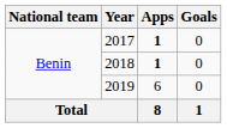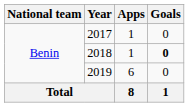 <table class="wikitable" style="text-align:center">
 <tr>
 <th>National team</th>
 <th>Year</th>
 <th>Apps</th>
 <th>Goals</th>
 </tr>
 <tr>
 <td rowspan="3"><a href='#'>Benin</a></td>
 <td>2017</td>
-<td><strong>1</strong></td>
+<td>1</td>
 <td>0</td>
 </tr>
 <tr>
 <td>2018</td>
-<td><strong>1</strong></td>
-<td>0</td>
+<td>1</td>
+<td><strong>0</strong></td>
 </tr>
 <tr>
 <td>2019</td>
 <td>6</td>
 <td>0</td>
 </tr>
 <tr>
 <th colspan="2">Total</th>
 <th>8</th>
 <th>1</th>
 </tr>
 </table>
